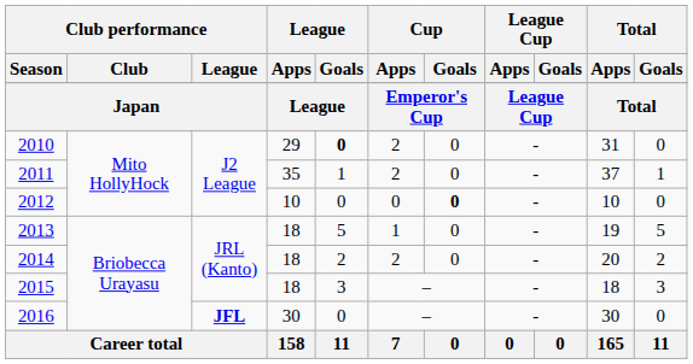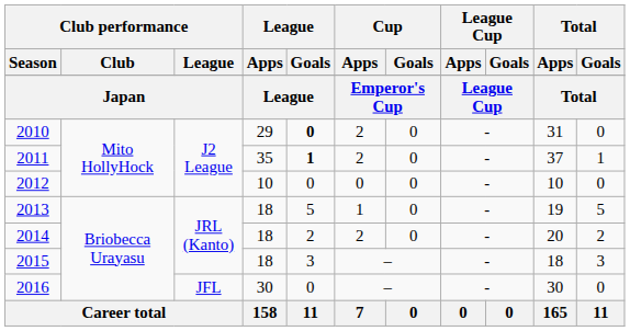 <table class="wikitable" style="text-align:center">
 <tr>
 <th colspan=3>Club performance</th>
 <th colspan=2>League</th>
 <th colspan=2>Cup</th>
 <th colspan=2>League Cup</th>
 <th colspan=2>Total</th>
 </tr>
 <tr>
 <th>Season</th>
 <th>Club</th>
 <th>League</th>
 <th>Apps</th>
 <th>Goals</th>
 <th>Apps</th>
 <th>Goals</th>
 <th>Apps</th>
 <th>Goals</th>
 <th>Apps</th>
 <th>Goals</th>
 </tr>
 <tr>
 </tr>
 <tr>
 <th colspan=3>Japan</th>
 <th colspan=2>League</th>
 <th colspan=2><a href='#'>Emperor's Cup</a></th>
 <th colspan=2><a href='#'>League Cup</a></th>
 <th colspan=2>Total</th>
 </tr>
 <tr>
 <td><a href='#'>2010</a></td>
 <td rowspan="3"><a href='#'>Mito HollyHock</a></td>
 <td rowspan="3"><a href='#'>J2 League</a></td>
 <td>29</td>
 <td><strong>0</strong></td>
 <td>2</td>
 <td>0</td>
 <td colspan="2">-</td>
 <td>31</td>
 <td>0</td>
 </tr>
 <tr>
 <td><a href='#'>2011</a></td>
 <td>35</td>
-<td>1</td>
+<td><strong>1</strong></td>
 <td>2</td>
 <td>0</td>
 <td colspan="2">-</td>
 <td>37</td>
 <td>1</td>
 </tr>
 <tr>
 <td><a href='#'>2012</a></td>
 <td>10</td>
 <td>0</td>
 <td>0</td>
-<td><strong>0</strong></td>
+<td>0</td>
 <td colspan="2">-</td>
 <td>10</td>
 <td>0</td>
 </tr>
 <tr>
 <td><a href='#'>2013</a></td>
 <td rowspan="4"><a href='#'>Briobecca Urayasu</a></td>
 <td rowspan="3"><a href='#'>JRL<br>(Kanto)</a></td>
 <td>18</td>
 <td>5</td>
 <td>1</td>
 <td>0</td>
 <td colspan="2">-</td>
 <td>19</td>
 <td>5</td>
 </tr>
 <tr>
 <td><a href='#'>2014</a></td>
 <td>18</td>
 <td>2</td>
 <td>2</td>
 <td>0</td>
 <td colspan="2">-</td>
 <td>20</td>
 <td>2</td>
 </tr>
 <tr>
 <td><a href='#'>2015</a></td>
 <td>18</td>
 <td>3</td>
 <td colspan="2">–</td>
 <td colspan="2">-</td>
 <td>18</td>
 <td>3</td>
 </tr>
 <tr>
 <td><a href='#'>2016</a></td>
-<td><strong><a href='#'>JFL</a></strong></td>
+<td><a href='#'>JFL</a></td>
 <td>30</td>
 <td>0</td>
 <td colspan="2">–</td>
 <td colspan="2">-</td>
 <td>30</td>
 <td>0</td>
 </tr>
 <tr>
 <th colspan=3>Career total</th>
 <th>158</th>
 <th>11</th>
 <th>7</th>
 <th>0</th>
 <th>0</th>
 <th>0</th>
 <th>165</th>
 <th>11</th>
 </tr>
 </table>
